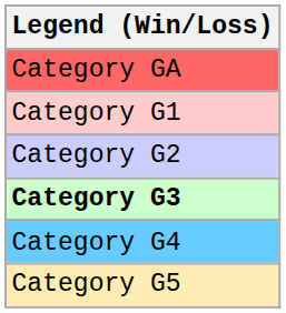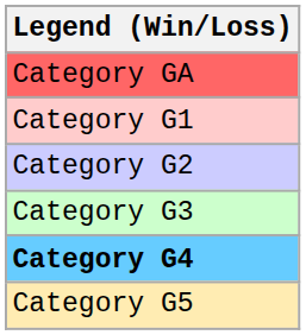 <table class=wikitable style="font-size:90%">
 <tr>
 <th>Legend (Win/Loss)</th>
 </tr>
 <tr bgcolor=#FF6666>
 <td>Category GA</td>
 </tr>
 <tr bgcolor=#ffcccc>
 <td>Category G1</td>
 </tr>
 <tr bgcolor=#ccccff>
 <td>Category G2</td>
 </tr>
 <tr bgcolor=#CCFFCC>
-<td><strong>Category G3</strong></td>
+<td>Category G3</td>
 </tr>
 <tr bgcolor=#66CCFF>
-<td>Category G4</td>
+<td><strong>Category G4</strong></td>
 </tr>
 <tr bgcolor=#ffecb2>
 <td>Category G5</td>
 </tr>
 </table>
